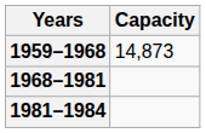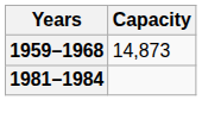 <table class="wikitable">
 <tr>
 <th>Years</th>
 <th>Capacity</th>
 </tr>
 <tr>
 <th>1959–1968</th>
 <td>14,873</td>
 </tr>
 <tr>
-<th>1968–1981</th>
-<td></td>
-</tr>
-<tr>
 <th>1981–1984</th>
 <td></td>
 </tr>
 </table>
